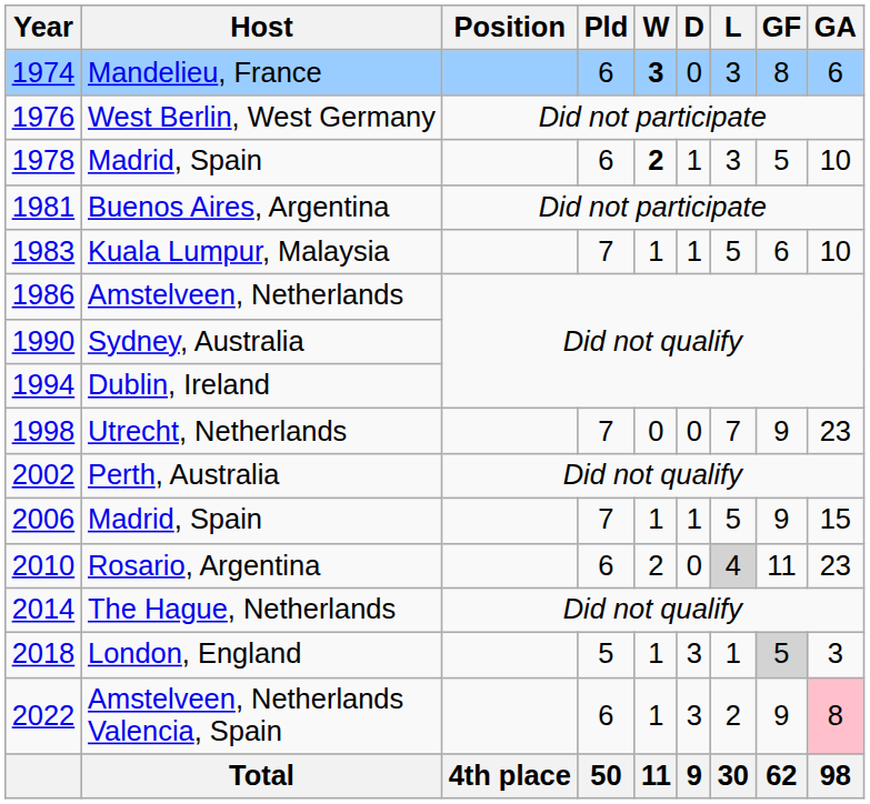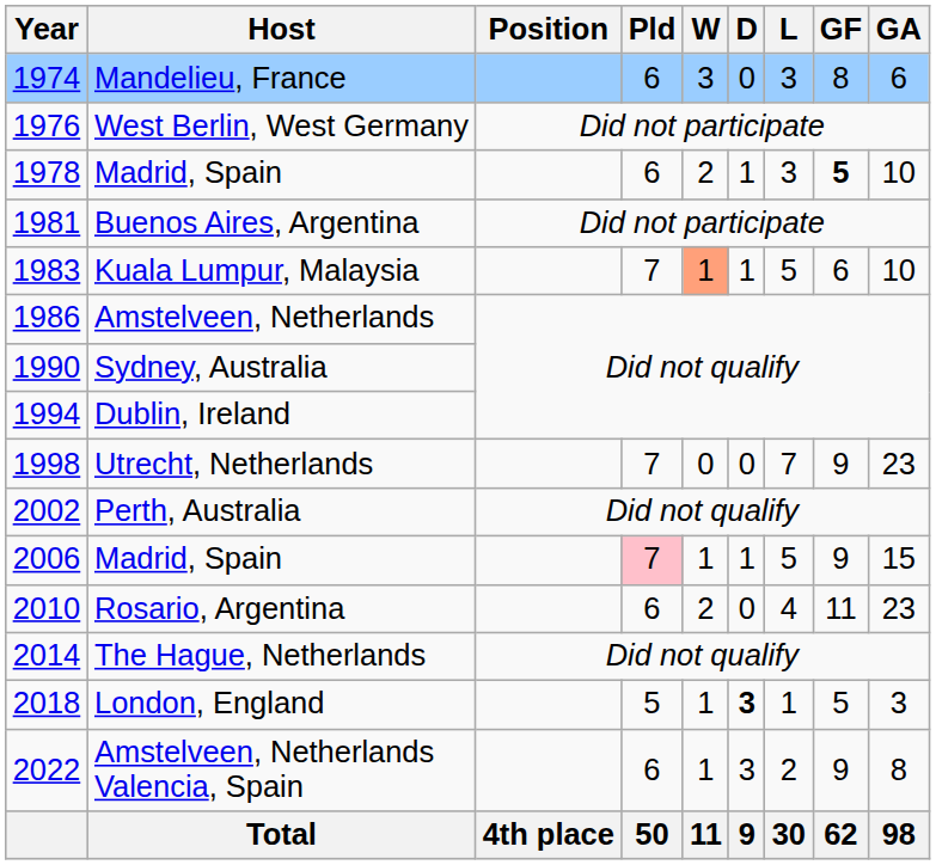 <table class="wikitable" style="text-align: center;">
 <tr>
 <th>Year</th>
 <th>Host</th>
 <th>Position</th>
 <th>Pld</th>
 <th>W</th>
 <th>D</th>
 <th>L</th>
 <th>GF</th>
 <th>GA</th>
 </tr>
 <tr style="background:#9acdff;">
 <td><a href='#'>1974</a></td>
 <td align=left> <a href='#'>Mandelieu</a>, France</td>
 <td></td>
 <td>6</td>
-<td><strong>3</strong></td>
+<td>3</td>
 <td>0</td>
 <td>3</td>
 <td>8</td>
 <td>6</td>
 </tr>
 <tr>
 <td><a href='#'>1976</a></td>
 <td align=left> <a href='#'>West Berlin</a>, West Germany</td>
 <td colspan=8><em>Did not participate</em></td>
 </tr>
 <tr>
 <td><a href='#'>1978</a></td>
 <td align=left> <a href='#'>Madrid</a>, Spain</td>
 <td></td>
 <td>6</td>
-<td><strong>2</strong></td>
+<td>2</td>
 <td>1</td>
 <td>3</td>
-<td>5</td>
+<td><strong>5</strong></td>
 <td>10</td>
 </tr>
 <tr>
 <td><a href='#'>1981</a></td>
 <td align=left> <a href='#'>Buenos Aires</a>, Argentina</td>
 <td colspan=8><em>Did not participate</em></td>
 </tr>
 <tr>
 <td><a href='#'>1983</a></td>
 <td align=left> <a href='#'>Kuala Lumpur</a>, Malaysia</td>
 <td></td>
 <td>7</td>
-<td>1</td>
+<td style="background: lightsalmon;">1</td>
 <td>1</td>
 <td>5</td>
 <td>6</td>
 <td>10</td>
 </tr>
 <tr>
 <td><a href='#'>1986</a></td>
 <td align=left> <a href='#'>Amstelveen</a>, Netherlands</td>
 <td rowspan=3 colspan=8><em>Did not qualify</em></td>
 </tr>
 <tr>
 <td><a href='#'>1990</a></td>
 <td align=left> <a href='#'>Sydney</a>, Australia</td>
 </tr>
 <tr>
 <td><a href='#'>1994</a></td>
 <td align=left> <a href='#'>Dublin</a>, Ireland</td>
 </tr>
 <tr>
 <td><a href='#'>1998</a></td>
 <td align=left> <a href='#'>Utrecht</a>, Netherlands</td>
 <td></td>
 <td>7</td>
 <td>0</td>
 <td>0</td>
 <td>7</td>
 <td>9</td>
 <td>23</td>
 </tr>
 <tr>
 <td><a href='#'>2002</a></td>
 <td align=left> <a href='#'>Perth</a>, Australia</td>
 <td colspan=8><em>Did not qualify</em></td>
 </tr>
 <tr>
 <td><a href='#'>2006</a></td>
 <td align=left> <a href='#'>Madrid</a>, Spain</td>
 <td></td>
-<td>7</td>
+<td style="background: pink;">7</td>
 <td>1</td>
 <td>1</td>
 <td>5</td>
 <td>9</td>
 <td>15</td>
 </tr>
 <tr>
 <td><a href='#'>2010</a></td>
 <td align=left> <a href='#'>Rosario</a>, Argentina</td>
 <td></td>
 <td>6</td>
 <td>2</td>
 <td>0</td>
-<td style="background: lightgrey;">4</td>
+<td>4</td>
 <td>11</td>
 <td>23</td>
 </tr>
 <tr>
 <td><a href='#'>2014</a></td>
 <td align=left> <a href='#'>The Hague</a>, Netherlands</td>
 <td colspan=8><em>Did not qualify</em></td>
 </tr>
 <tr>
 <td><a href='#'>2018</a></td>
 <td align=left> <a href='#'>London</a>, England</td>
 <td></td>
 <td>5</td>
 <td>1</td>
-<td>3</td>
+<td><strong>3</strong></td>
 <td>1</td>
-<td style="background: lightgrey;">5</td>
+<td>5</td>
 <td>3</td>
 </tr>
 <tr>
 <td><a href='#'>2022</a></td>
 <td align=left> <a href='#'>Amstelveen</a>, Netherlands<br> <a href='#'>Valencia</a>, Spain</td>
 <td></td>
 <td>6</td>
 <td>1</td>
 <td>3</td>
 <td>2</td>
 <td>9</td>
-<td style="background: pink;">8</td>
+<td>8</td>
 </tr>
 <tr>
 <th></th>
 <th>Total</th>
 <th><strong>4th place</strong></th>
 <th>50</th>
 <th>11</th>
 <th>9</th>
 <th>30</th>
 <th>62</th>
 <th>98</th>
 </tr>
 </table>
